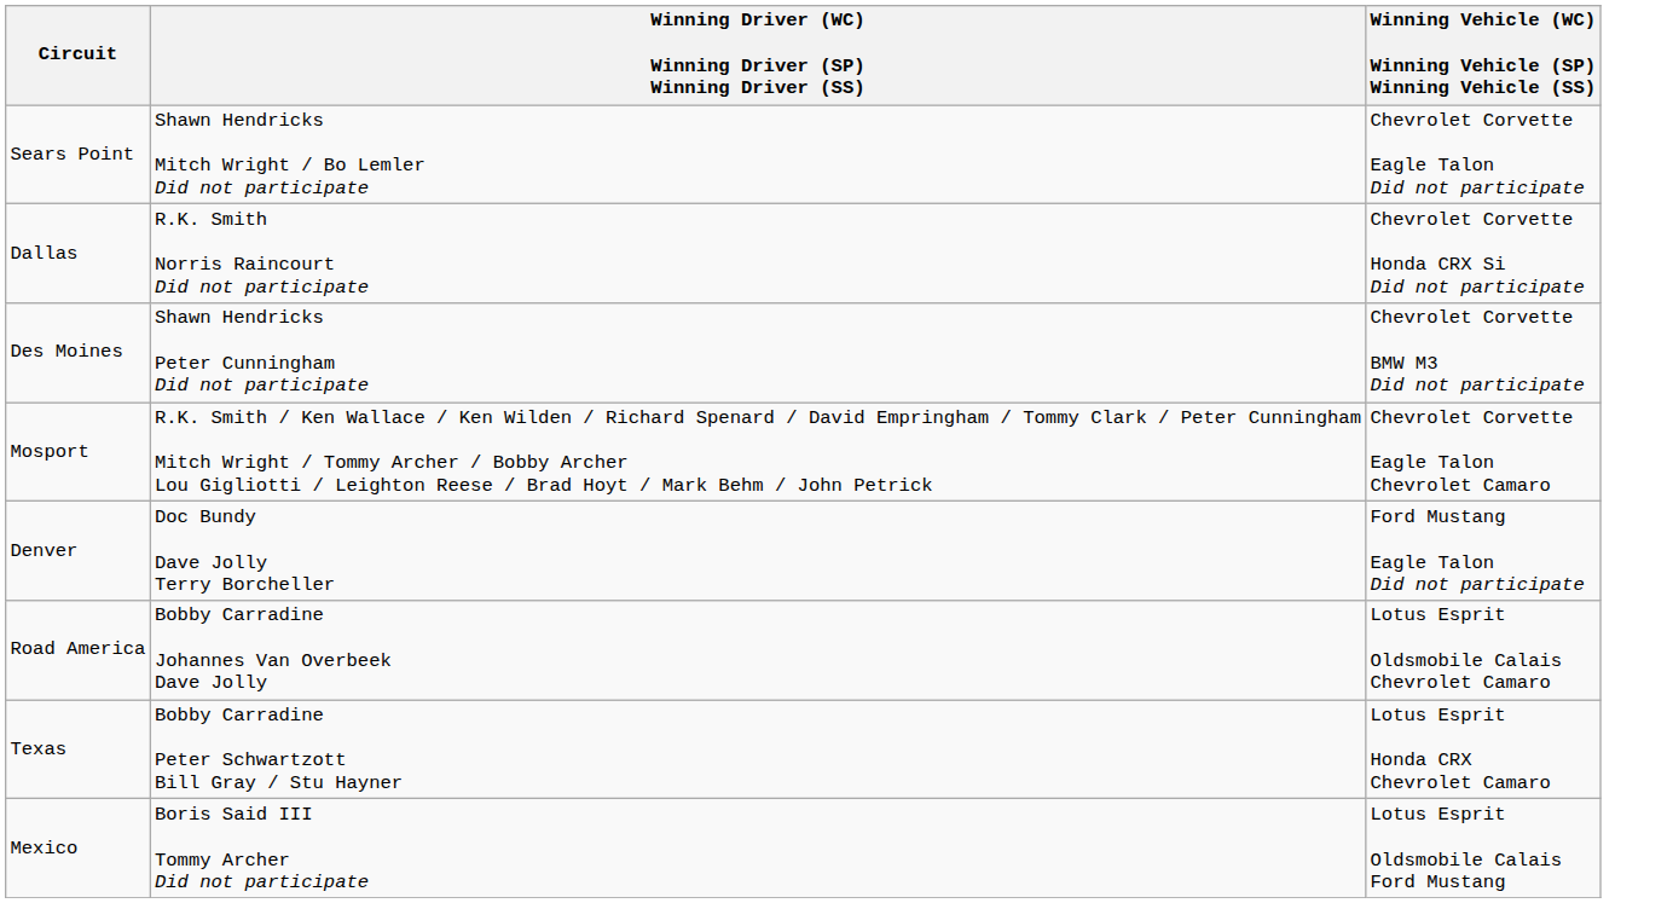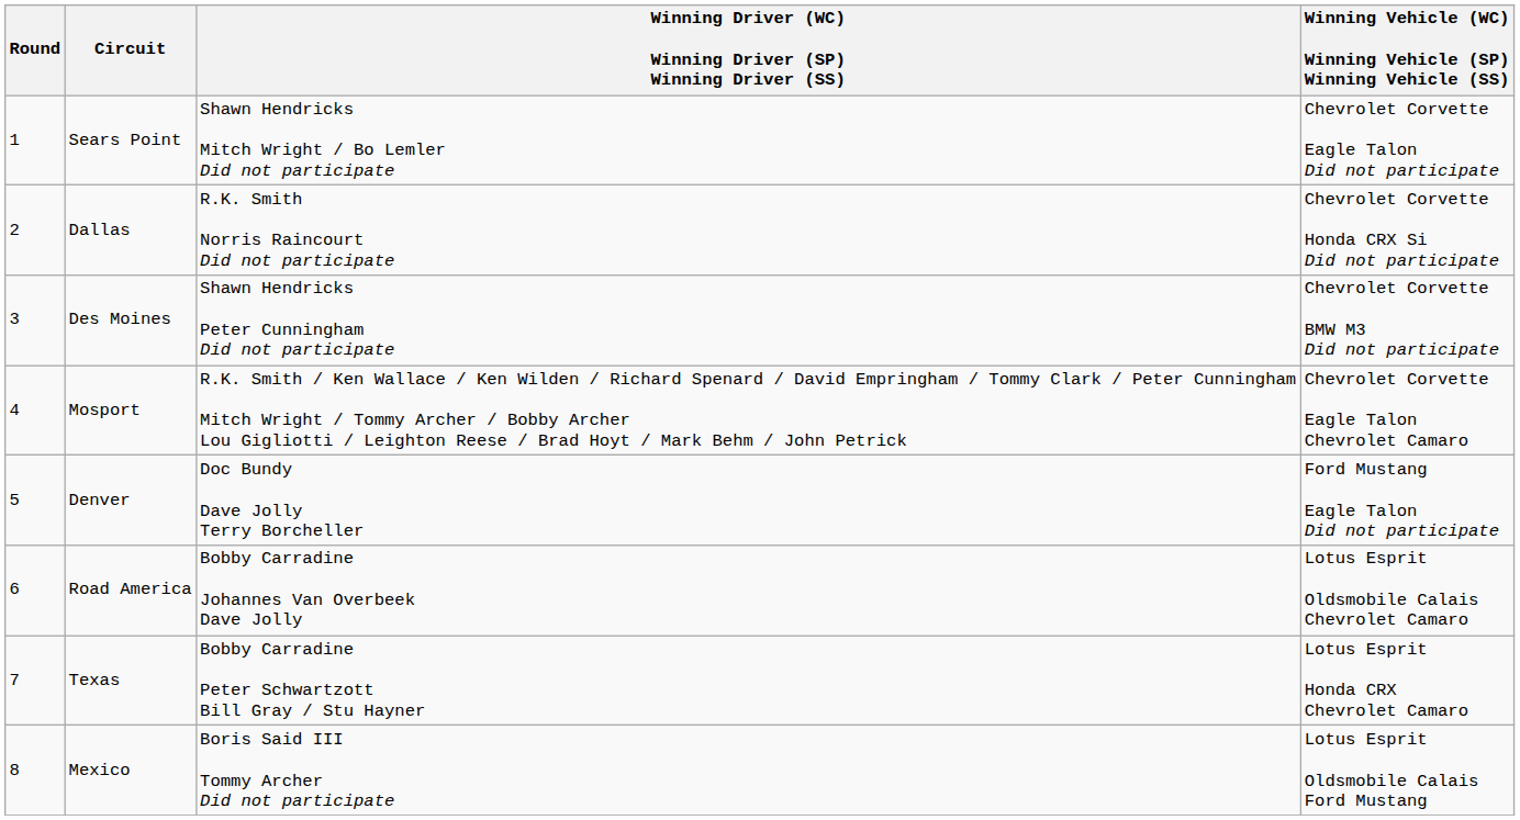 <table class="wikitable" style="font-size: 90%;">
 <tr>
+<th>Round</th>
 <th>Circuit</th>
 <th>Winning Driver (WC)<br><br>Winning Driver (SP)<br> Winning Driver (SS)<br></th>
 <th>Winning Vehicle (WC)<br><br>Winning Vehicle (SP)<br> Winning Vehicle (SS)<br></th>
 </tr>
 <tr>
+<td>1</td>
 <td>Sears Point</td>
 <td>Shawn Hendricks<br><br> Mitch Wright /  Bo Lemler<br> <em>Did not participate</em><br></td>
 <td>Chevrolet Corvette<br><br>Eagle Talon<br> <em>Did not participate</em><br></td>
 </tr>
 <tr>
+<td>2</td>
 <td>Dallas</td>
 <td>R.K. Smith<br><br>Norris Raincourt<br> <em>Did not participate</em><br></td>
 <td>Chevrolet Corvette<br><br>Honda CRX Si<br> <em>Did not participate</em></td>
 </tr>
 <tr>
+<td>3</td>
 <td>Des Moines</td>
 <td>Shawn Hendricks<br><br>Peter Cunningham<br> <em>Did not participate</em><br></td>
 <td>Chevrolet Corvette<br><br>BMW M3<br> <em>Did not participate</em></td>
 </tr>
 <tr>
+<td>4</td>
 <td>Mosport</td>
 <td>R.K. Smith /  Ken Wallace /  Ken Wilden /  Richard Spenard /  David Empringham /  Tommy Clark /  Peter Cunningham<br><br> Mitch Wright /  Tommy Archer /  Bobby Archer<br>  Lou Gigliotti /  Leighton Reese /  Brad Hoyt /  Mark Behm /  John Petrick<br></td>
 <td>Chevrolet Corvette<br><br>Eagle Talon<br> Chevrolet Camaro<br></td>
 </tr>
 <tr>
+<td>5</td>
 <td>Denver</td>
 <td> Doc Bundy<br><br> Dave Jolly<br>  Terry Borcheller</td>
 <td>Ford Mustang<br><br>Eagle Talon<br> <em>Did not participate</em></td>
 </tr>
 <tr>
+<td>6</td>
 <td>Road America</td>
 <td> Bobby Carradine<br><br>Johannes Van Overbeek<br> Dave Jolly<br></td>
 <td>Lotus Esprit<br><br>Oldsmobile Calais<br> Chevrolet Camaro<br></td>
 </tr>
 <tr>
+<td>7</td>
 <td>Texas</td>
 <td>Bobby Carradine<br><br>Peter Schwartzott<br> Bill Gray /  Stu Hayner<br></td>
 <td>Lotus Esprit<br><br>Honda CRX<br> Chevrolet Camaro<br></td>
 </tr>
 <tr>
+<td>8</td>
 <td>Mexico</td>
 <td> Boris Said III<br><br> Tommy Archer<br> <em>Did not participate</em></td>
 <td>Lotus Esprit<br><br>Oldsmobile Calais<br> Ford Mustang<br></td>
 </tr>
 </table>
